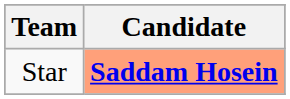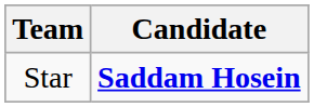 <table class="wikitable" style="text-align:center">
 <tr>
 <th>Team</th>
 <th>Candidate</th>
 </tr>
 <tr>
 <td>Star</td>
-<td style="background: lightsalmon;"><strong><a href='#'>Saddam Hosein</a></strong></td>
+<td><strong><a href='#'>Saddam Hosein</a></strong></td>
 </tr>
 </table>
